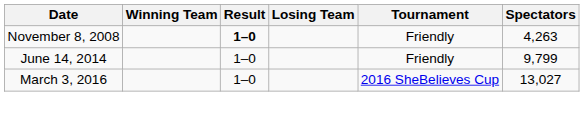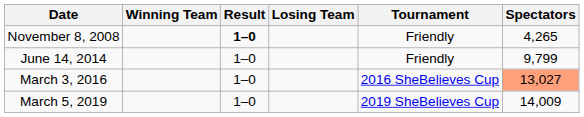 <table class="wikitable" style="text-align:center">
 <tr>
 <th style="text-align:center; ">Date</th>
 <th style="text-align:center; ">Winning Team</th>
 <th style="text-align:center; ">Result</th>
 <th style="text-align:center; ">Losing Team</th>
 <th style="text-align:center; ">Tournament</th>
 <th style="text-align:center; ">Spectators</th>
 </tr>
 <tr>
 <td style="text-align:center;">November 8, 2008</td>
 <td><strong></strong></td>
 <td style="text-align:center;"><strong>1–0</strong></td>
 <td></td>
 <td style="text-align:center;">Friendly</td>
-<td style="text-align:center;">4,263</td>
+<td style="text-align:center;">4,265</td>
 </tr>
 <tr>
 <td style="text-align:center;">June 14, 2014</td>
 <td><strong></strong></td>
 <td style="text-align:center;">1–0</td>
 <td></td>
 <td style="text-align:center;">Friendly</td>
 <td style="text-align:center;">9,799</td>
 </tr>
 <tr>
 <td style="text-align:center;">March 3, 2016</td>
 <td><strong></strong></td>
 <td style="text-align:center;">1–0</td>
 <td></td>
 <td style="text-align:center;"><a href='#'>2016 SheBelieves Cup</a></td>
-<td style="text-align:center;">13,027</td>
+<td style="background: lightsalmon; text-align:center;">13,027</td>
+</tr>
+<tr>
+<td style="text-align:center;">March 5, 2019</td>
+<td><strong></strong></td>
+<td style="text-align:center;">1–0</td>
+<td></td>
+<td style="text-align:center;"><a href='#'>2019 SheBelieves Cup</a></td>
+<td style="text-align:center;">14,009</td>
 </tr>
 </table>
